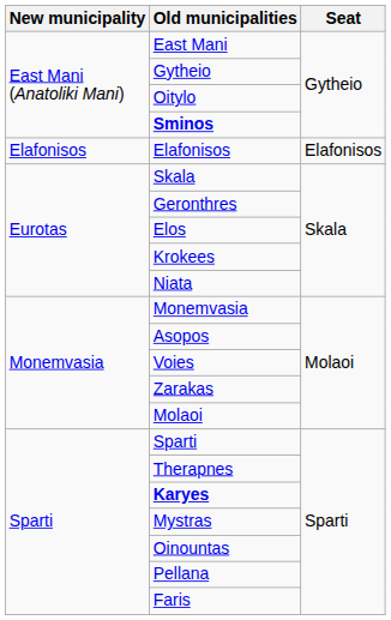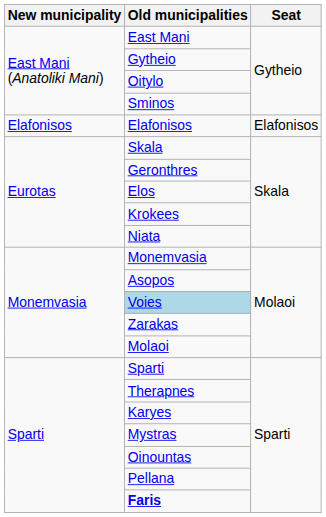 <table class="wikitable">
 <tr>
 <th>New municipality</th>
 <th>Old municipalities</th>
 <th>Seat</th>
 </tr>
 <tr>
 <td rowspan=4><a href='#'>East Mani</a> <br>(<em>Anatoliki Mani</em>)</td>
 <td><a href='#'>East Mani</a></td>
 <td rowspan=4>Gytheio</td>
 </tr>
 <tr>
 <td><a href='#'>Gytheio</a></td>
 </tr>
 <tr>
 <td><a href='#'>Oitylo</a></td>
 </tr>
 <tr>
-<td><strong><a href='#'>Sminos</a></strong></td>
+<td><a href='#'>Sminos</a></td>
 </tr>
 <tr>
 <td><a href='#'>Elafonisos</a></td>
 <td><a href='#'>Elafonisos</a></td>
 <td>Elafonisos</td>
 </tr>
 <tr>
 <td rowspan=5><a href='#'>Eurotas</a></td>
 <td><a href='#'>Skala</a></td>
 <td rowspan=5>Skala</td>
 </tr>
 <tr>
 <td><a href='#'>Geronthres</a></td>
 </tr>
 <tr>
 <td><a href='#'>Elos</a></td>
 </tr>
 <tr>
 <td><a href='#'>Krokees</a></td>
 </tr>
 <tr>
 <td><a href='#'>Niata</a></td>
 </tr>
 <tr>
 <td rowspan=5><a href='#'>Monemvasia</a></td>
 <td><a href='#'>Monemvasia</a></td>
 <td rowspan=5>Molaoi</td>
 </tr>
 <tr>
 <td><a href='#'>Asopos</a></td>
 </tr>
 <tr>
-<td><a href='#'>Voies</a></td>
+<td style="background: lightblue;"><a href='#'>Voies</a></td>
 </tr>
 <tr>
 <td><a href='#'>Zarakas</a></td>
 </tr>
 <tr>
 <td><a href='#'>Molaoi</a></td>
 </tr>
 <tr>
 <td rowspan=7><a href='#'>Sparti</a></td>
 <td><a href='#'>Sparti</a></td>
 <td rowspan=7>Sparti</td>
 </tr>
 <tr>
 <td><a href='#'>Therapnes</a></td>
 </tr>
 <tr>
-<td><strong><a href='#'>Karyes</a></strong></td>
+<td><a href='#'>Karyes</a></td>
 </tr>
 <tr>
 <td><a href='#'>Mystras</a></td>
 </tr>
 <tr>
 <td><a href='#'>Oinountas</a></td>
 </tr>
 <tr>
 <td><a href='#'>Pellana</a></td>
 </tr>
 <tr>
-<td><a href='#'>Faris</a></td>
+<td><strong><a href='#'>Faris</a></strong></td>
 </tr>
 </table>
